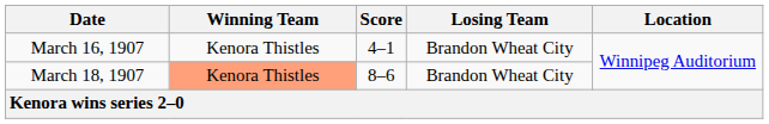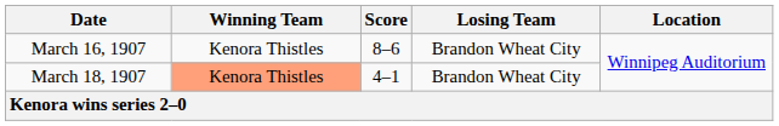 <table class="wikitable" style="text-align:center;">
 <tr>
 <th width="140">Date</th>
 <th width="160">Winning Team</th>
 <th width="5">Score</th>
 <th width="160">Losing Team</th>
 <th width="145">Location</th>
 </tr>
 <tr>
 <td>March 16, 1907</td>
 <td>Kenora Thistles</td>
-<td>4–1</td>
+<td>8–6</td>
 <td>Brandon Wheat City</td>
 <td rowspan="2"><a href='#'>Winnipeg Auditorium</a></td>
 </tr>
 <tr>
 <td>March 18, 1907</td>
 <td style="background: lightsalmon;">Kenora Thistles</td>
-<td>8–6</td>
+<td>4–1</td>
 <td>Brandon Wheat City</td>
 </tr>
 <tr>
 <th colspan="5" style="text-align:left;">Kenora wins series 2–0</th>
 </tr>
 </table>
